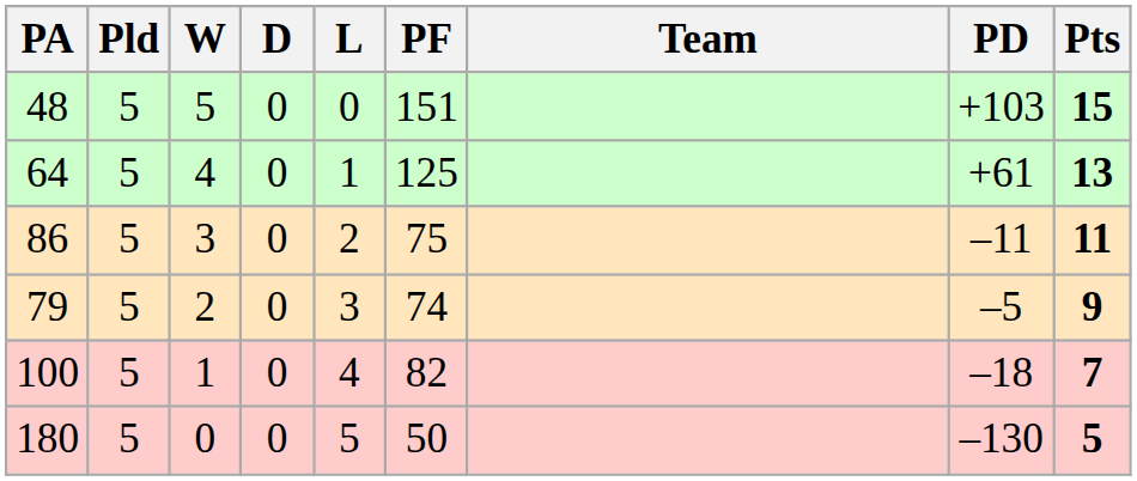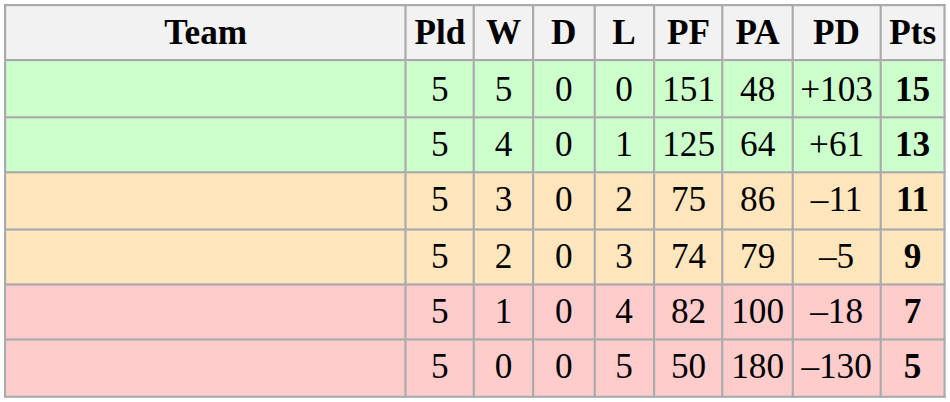 <table class="wikitable" style="text-align:center;">
 <tr>
-<th width=20 abbr="Points against">PA</th>
+<th width=175>Team</th>
 <th width=20 abbr="Played">Pld</th>
 <th width=20 abbr="Won">W</th>
 <th width=20 abbr="Drawn">D</th>
 <th width=20 abbr="Lost">L</th>
 <th width=20 abbr="Points for">PF</th>
-<th width=175>Team</th>
+<th width=20 abbr="Points against">PA</th>
 <th width=25 abbr="Points difference">PD</th>
 <th width=20 abbr="Points">Pts</th>
 </tr>
 <tr style="background:#ccffcc">
-<td>48</td>
+<td align=left></td>
 <td>5</td>
 <td>5</td>
 <td>0</td>
 <td>0</td>
 <td>151</td>
-<td align=left></td>
+<td>48</td>
 <td>+103</td>
 <td><strong>15</strong></td>
 </tr>
 <tr style="background:#ccffcc">
-<td>64</td>
+<td align=left></td>
 <td>5</td>
 <td>4</td>
 <td>0</td>
 <td>1</td>
 <td>125</td>
-<td align=left></td>
+<td>64</td>
 <td>+61</td>
 <td><strong>13</strong></td>
 </tr>
 <tr style="background:#ffe6bd">
-<td>86</td>
+<td align=left></td>
 <td>5</td>
 <td>3</td>
 <td>0</td>
 <td>2</td>
 <td>75</td>
-<td align=left></td>
+<td>86</td>
 <td>–11</td>
 <td><strong>11</strong></td>
 </tr>
 <tr style="background:#ffe6bd">
-<td>79</td>
+<td align=left></td>
 <td>5</td>
 <td>2</td>
 <td>0</td>
 <td>3</td>
 <td>74</td>
-<td align=left></td>
+<td>79</td>
 <td>–5</td>
 <td><strong>9</strong></td>
 </tr>
 <tr style="background:#fcc">
-<td>100</td>
+<td align=left></td>
 <td>5</td>
 <td>1</td>
 <td>0</td>
 <td>4</td>
 <td>82</td>
-<td align=left></td>
+<td>100</td>
 <td>–18</td>
 <td><strong>7</strong></td>
 </tr>
 <tr style="background:#fcc">
-<td>180</td>
+<td align=left></td>
 <td>5</td>
 <td>0</td>
 <td>0</td>
 <td>5</td>
 <td>50</td>
-<td align=left></td>
+<td>180</td>
 <td>–130</td>
 <td><strong>5</strong></td>
 </tr>
 </table>
